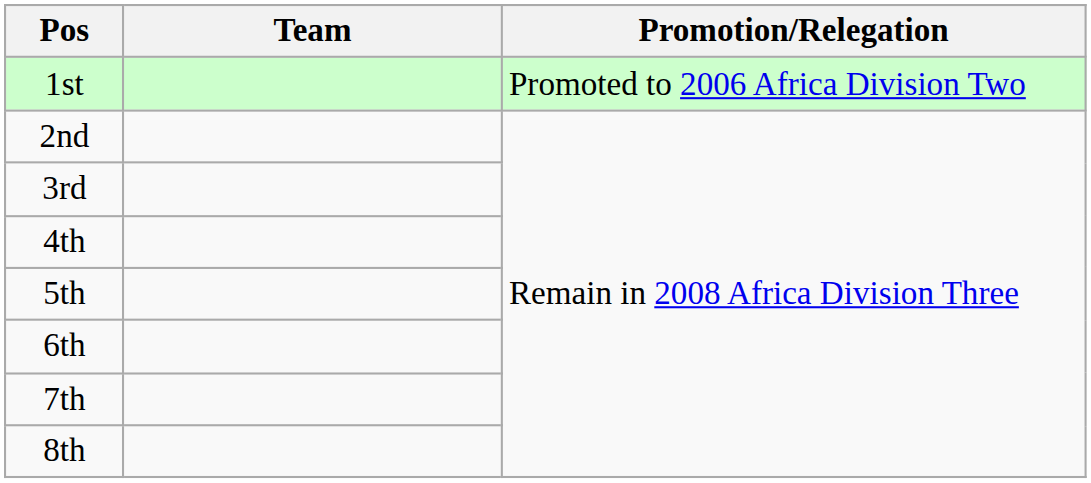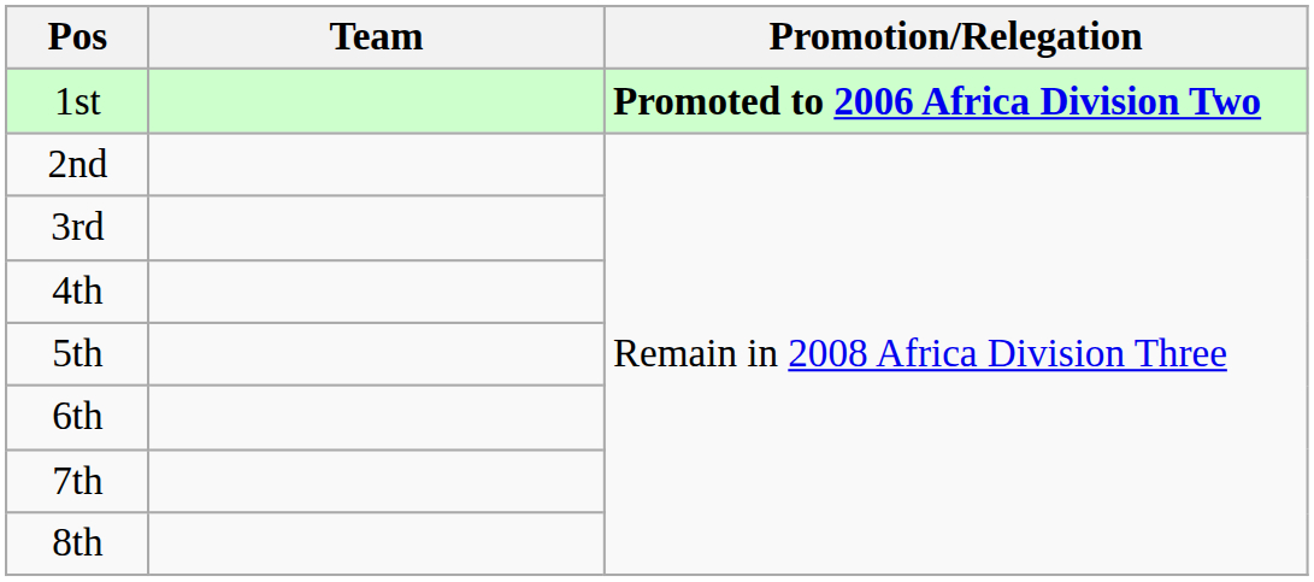 <table class="wikitable">
 <tr>
 <th width=50>Pos</th>
 <th width=175>Team</th>
 <th width=275>Promotion/Relegation</th>
 </tr>
 <tr style="background:#ccffcc">
 <td align="center">1st</td>
 <td></td>
-<td>Promoted to <a href='#'>2006 Africa Division Two</a></td>
+<td><strong>Promoted to <a href='#'>2006 Africa Division Two</a></strong></td>
 </tr>
 <tr>
 <td align="center">2nd</td>
 <td></td>
 <td rowspan=7>Remain in <a href='#'>2008 Africa Division Three</a></td>
 </tr>
 <tr>
 <td align="center">3rd</td>
 <td></td>
 </tr>
 <tr>
 <td align="center">4th</td>
 <td></td>
 </tr>
 <tr>
 <td align="center">5th</td>
 <td></td>
 </tr>
 <tr>
 <td align="center">6th</td>
 <td></td>
 </tr>
 <tr>
 <td align="center">7th</td>
 <td></td>
 </tr>
 <tr>
 <td align="center">8th</td>
 <td></td>
 </tr>
 </table>
